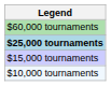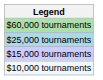 <table class=wikitable style=font-size:85%>
 <tr>
 <th>Legend</th>
 </tr>
 <tr style="background:#addfad;">
 <td>$60,000 tournaments</td>
 </tr>
 <tr style="background:lightblue;">
-<td><strong>$25,000 tournaments</strong></td>
+<td>$25,000 tournaments</td>
 </tr>
 <tr style="background:#ccf;">
 <td>$15,000 tournaments</td>
 </tr>
 <tr style="background:#f0f8ff;">
 <td>$10,000 tournaments</td>
 </tr>
 </table>
